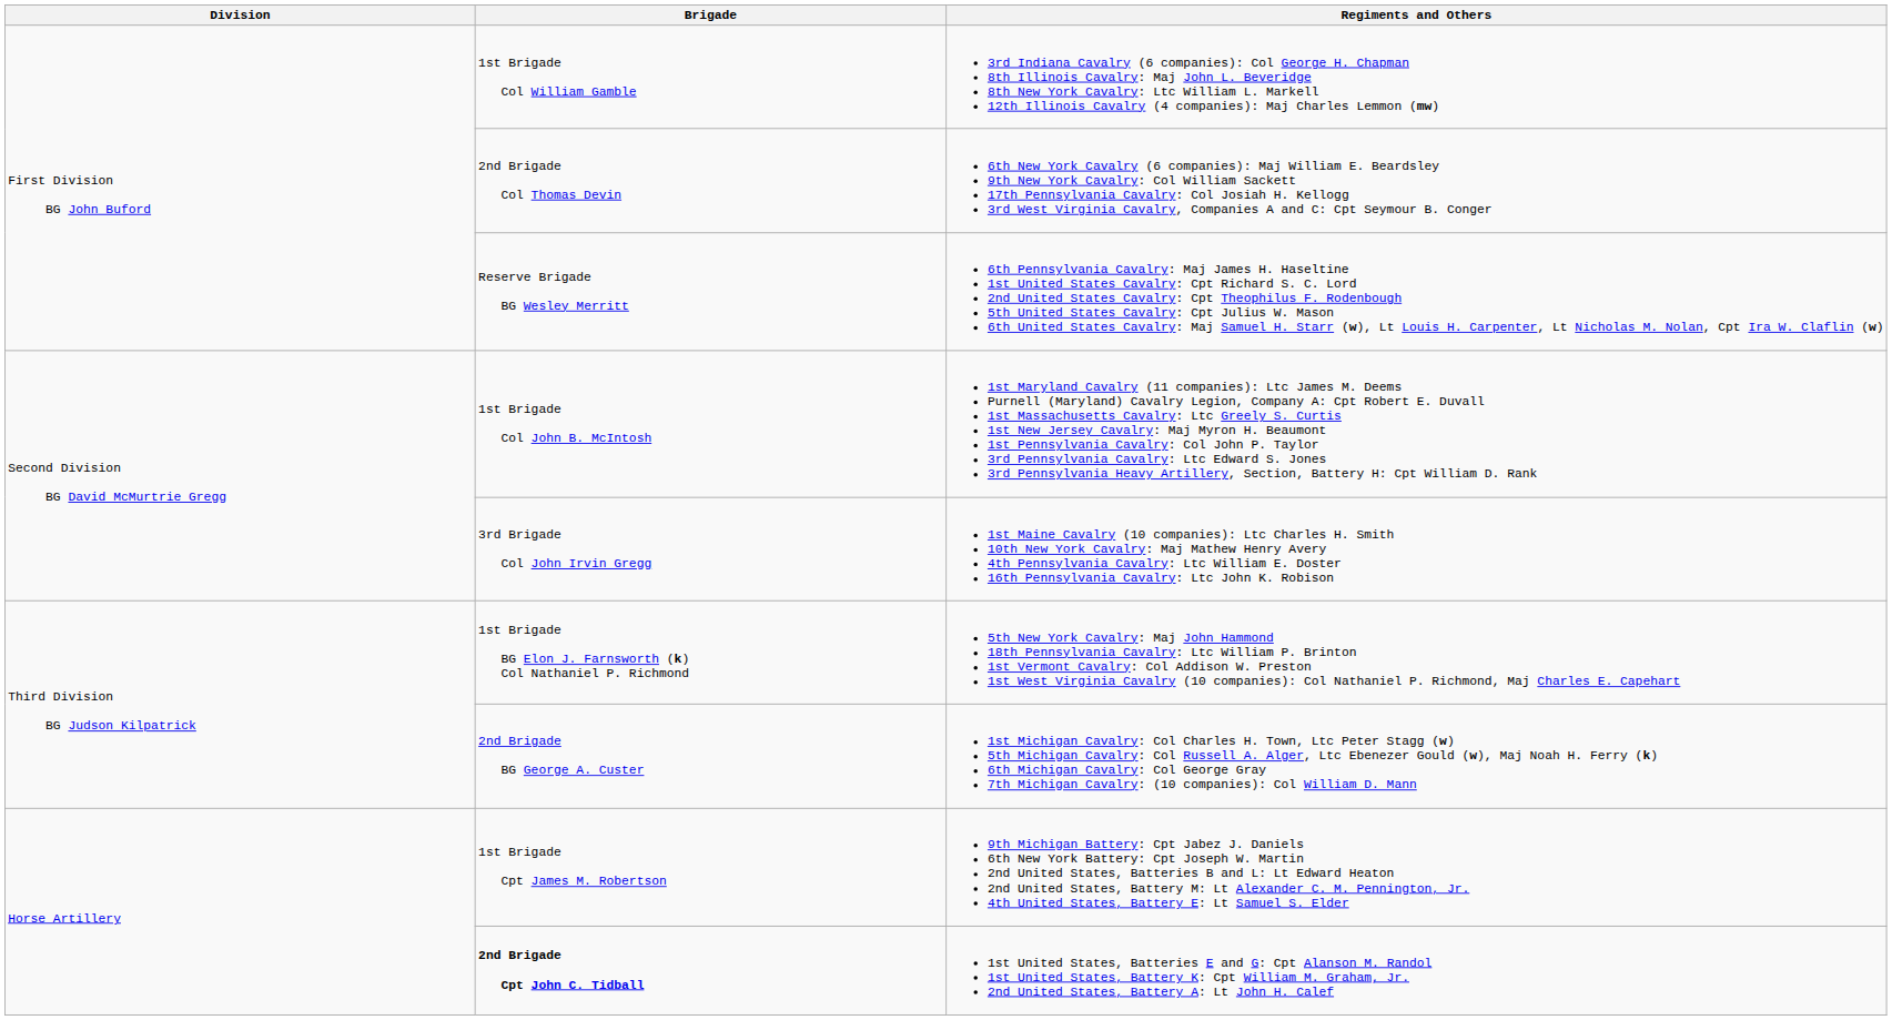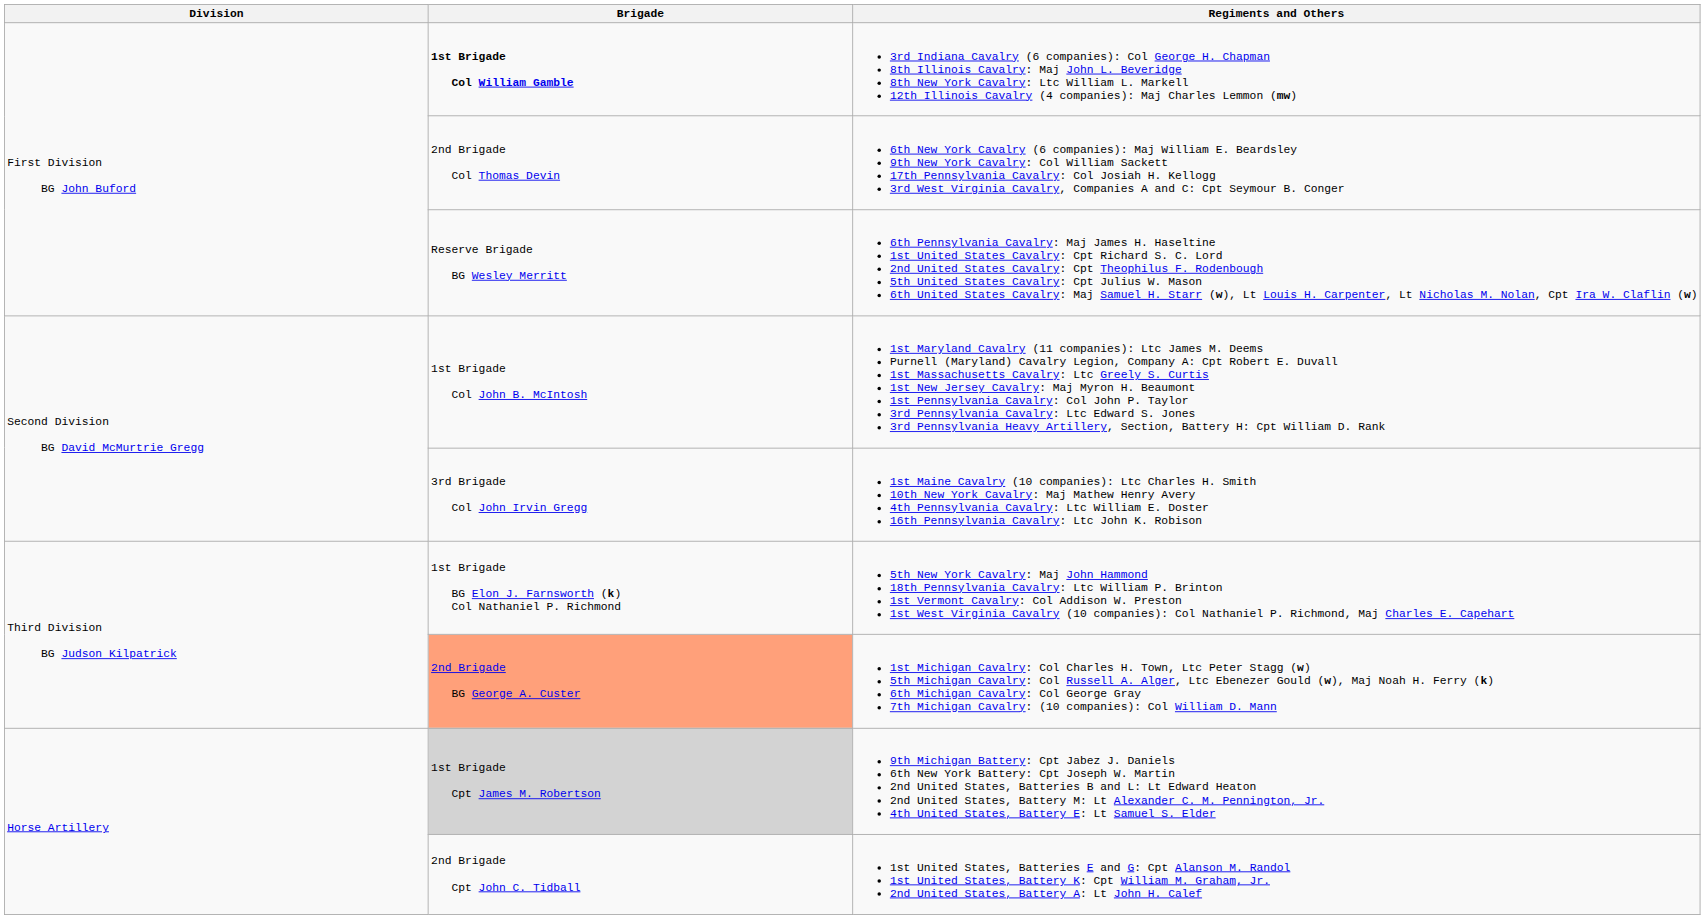 <table class="wikitable">
 <tr>
 <th style="width:25%;">Division</th>
 <th style="width:25%;">Brigade</th>
 <th>Regiments and Others</th>
 </tr>
 <tr>
 <td rowspan=3><br>First Division<br><br>     BG <a href='#'>John Buford</a></td>
-<td>1st Brigade<br><br>   Col <a href='#'>William Gamble</a></td>
+<td><strong>1st Brigade<br><br>   Col <a href='#'>William Gamble</a></strong></td>
 <td><br><ul><li><a href='#'>3rd Indiana Cavalry</a> (6 companies): Col <a href='#'>George H. Chapman</a></li><li><a href='#'>8th Illinois Cavalry</a>: Maj <a href='#'>John L. Beveridge</a></li><li><a href='#'>8th New York Cavalry</a>: Ltc William L. Markell</li><li><a href='#'>12th Illinois Cavalry</a> (4 companies): Maj Charles Lemmon (<strong>mw</strong>)</li></ul></td>
 </tr>
 <tr>
 <td>2nd Brigade<br><br>   Col <a href='#'>Thomas Devin</a></td>
 <td><br><ul><li><a href='#'>6th New York Cavalry</a> (6 companies): Maj William E. Beardsley</li><li><a href='#'>9th New York Cavalry</a>: Col William Sackett</li><li><a href='#'>17th Pennsylvania Cavalry</a>: Col Josiah H. Kellogg</li><li><a href='#'>3rd West Virginia Cavalry</a>, Companies A and C: Cpt Seymour B. Conger</li></ul></td>
 </tr>
 <tr>
 <td>Reserve Brigade<br><br>   BG <a href='#'>Wesley Merritt</a></td>
 <td><br><ul><li><a href='#'>6th Pennsylvania Cavalry</a>: Maj James H. Haseltine</li><li><a href='#'>1st United States Cavalry</a>: Cpt Richard S. C. Lord</li><li><a href='#'>2nd United States Cavalry</a>: Cpt <a href='#'>Theophilus F. Rodenbough</a></li><li><a href='#'>5th United States Cavalry</a>: Cpt Julius W. Mason</li><li><a href='#'>6th United States Cavalry</a>: Maj <a href='#'>Samuel H. Starr</a> (<strong>w</strong>), Lt <a href='#'>Louis H. Carpenter</a>, Lt <a href='#'>Nicholas M. Nolan</a>, Cpt <a href='#'>Ira W. Claflin</a> (<strong>w</strong>)</li></ul></td>
 </tr>
 <tr>
 <td rowspan=2><br>Second Division <br><br>     BG <a href='#'>David McMurtrie Gregg</a></td>
 <td>1st Brigade<br><br>   Col <a href='#'>John B. McIntosh</a></td>
 <td><br><ul><li><a href='#'>1st Maryland Cavalry</a> (11 companies): Ltc James M. Deems</li><li>Purnell (Maryland) Cavalry Legion, Company A: Cpt Robert E. Duvall</li><li><a href='#'>1st Massachusetts Cavalry</a>: Ltc <a href='#'>Greely S. Curtis</a></li><li><a href='#'>1st New Jersey Cavalry</a>: Maj Myron H. Beaumont</li><li><a href='#'>1st Pennsylvania Cavalry</a>: Col John P. Taylor</li><li><a href='#'>3rd Pennsylvania Cavalry</a>: Ltc Edward S. Jones</li><li><a href='#'>3rd Pennsylvania Heavy Artillery</a>, Section, Battery H: Cpt William D. Rank</li></ul></td>
 </tr>
 <tr>
 <td>3rd Brigade<br><br>   Col <a href='#'>John Irvin Gregg</a></td>
 <td><br><ul><li><a href='#'>1st Maine Cavalry</a> (10 companies): Ltc Charles H. Smith</li><li><a href='#'>10th New York Cavalry</a>: Maj Mathew Henry Avery</li><li><a href='#'>4th Pennsylvania Cavalry</a>: Ltc William E. Doster</li><li><a href='#'>16th Pennsylvania Cavalry</a>: Ltc John K. Robison</li></ul></td>
 </tr>
 <tr>
 <td rowspan=2><br>Third Division<br><br>     BG <a href='#'>Judson Kilpatrick</a></td>
 <td>1st Brigade<br><br>   BG <a href='#'>Elon J. Farnsworth</a> (<strong>k</strong>) <br>   Col Nathaniel P. Richmond</td>
 <td><br><ul><li><a href='#'>5th New York Cavalry</a>: Maj <a href='#'>John Hammond</a></li><li><a href='#'>18th Pennsylvania Cavalry</a>: Ltc William P. Brinton</li><li><a href='#'>1st Vermont Cavalry</a>: Col Addison W. Preston</li><li><a href='#'>1st West Virginia Cavalry</a> (10 companies): Col Nathaniel P. Richmond, Maj <a href='#'>Charles E. Capehart</a></li></ul></td>
 </tr>
 <tr>
-<td><a href='#'>2nd Brigade</a><br><br>   BG <a href='#'>George A. Custer</a></td>
+<td style="background: lightsalmon;"><a href='#'>2nd Brigade</a><br><br>   BG <a href='#'>George A. Custer</a></td>
 <td><br><ul><li><a href='#'>1st Michigan Cavalry</a>: Col Charles H. Town, Ltc Peter Stagg (<strong>w</strong>)</li><li><a href='#'>5th Michigan Cavalry</a>: Col <a href='#'>Russell A. Alger</a>, Ltc Ebenezer Gould (<strong>w</strong>), Maj Noah H. Ferry (<strong>k</strong>)</li><li><a href='#'>6th Michigan Cavalry</a>: Col George Gray</li><li><a href='#'>7th Michigan Cavalry</a>: (10 companies): Col <a href='#'>William D. Mann</a></li></ul></td>
 </tr>
 <tr>
 <td rowspan=2><br><a href='#'>Horse Artillery</a></td>
-<td>1st Brigade<br><br>   Cpt <a href='#'>James M. Robertson</a></td>
+<td style="background: lightgrey;">1st Brigade<br><br>   Cpt <a href='#'>James M. Robertson</a></td>
 <td><br><ul><li><a href='#'>9th Michigan Battery</a>: Cpt Jabez J. Daniels</li><li>6th New York Battery: Cpt Joseph W. Martin</li><li>2nd United States, Batteries B and L: Lt Edward Heaton</li><li>2nd United States, Battery M: Lt <a href='#'>Alexander C. M. Pennington, Jr.</a></li><li><a href='#'>4th United States, Battery E</a>: Lt <a href='#'>Samuel S. Elder</a></li></ul></td>
 </tr>
 <tr>
-<td><strong>2nd Brigade <br><br>   Cpt <a href='#'>John C. Tidball</a></strong></td>
+<td>2nd Brigade <br><br>   Cpt <a href='#'>John C. Tidball</a></td>
 <td><br><ul><li>1st United States, Batteries <a href='#'>E</a> and <a href='#'>G</a>: Cpt <a href='#'>Alanson M. Randol</a></li><li><a href='#'>1st United States, Battery K</a>: Cpt <a href='#'>William M. Graham, Jr.</a></li><li><a href='#'>2nd United States, Battery A</a>: Lt <a href='#'>John H. Calef</a></li></ul></td>
 </tr>
 </table>
